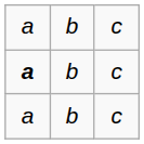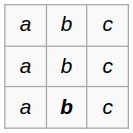 <table class="wikitable" style="margin-left:auto;margin-right:auto;text-align:center;width:6em;height:6em;table-layout:fixed;">
 <tr>
 <td><em>a</em></td>
-<td><em>b</em></td>
-<td><em>c</em></td>
-</tr>
-<tr>
-<td><strong><em>a</em></strong></td>
 <td><em>b</em></td>
 <td><em>c</em></td>
 </tr>
 <tr>
 <td><em>a</em></td>
 <td><em>b</em></td>
 <td><em>c</em></td>
 </tr>
+<tr>
+<td><em>a</em></td>
+<td><strong><em>b</em></strong></td>
+<td><em>c</em></td>
+</tr>
 </table>
